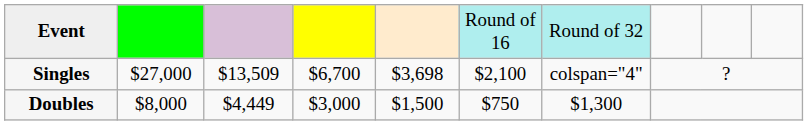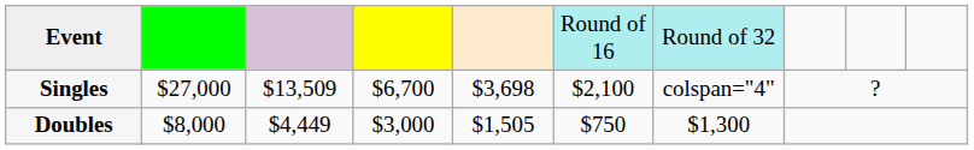 <table class=wikitable style=font-size:90%;text-align:center>
 <tr>
 <td style="width:130px; background:#efefef;"><strong>Event</strong></td>
 <td style="width:80px; background:lime;"></td>
 <td style="width:85px; background:thistle;"></td>
 <td style="width:85px; background:#ff0;"></td>
 <td style="width:85px; background:#ffebcd;"></td>
 <td style="width:85px; background:#afeeee;">Round of 16</td>
 <td style="width:85px; background:#afeeee;">Round of 32</td>
 <td width=85></td>
 <td width=85></td>
 <td width=85></td>
 </tr>
 <tr>
 <th style="background:#f6f6f6;">Singles</th>
 <td>$27,000</td>
 <td>$13,509</td>
 <td>$6,700</td>
 <td>$3,698</td>
 <td>$2,100</td>
 <td>colspan="4" </td>
 <td colspan="3">?</td>
 </tr>
 <tr>
 <th style="background:#f6f6f6;">Doubles</th>
 <td>$8,000</td>
 <td>$4,449</td>
 <td>$3,000</td>
-<td>$1,500</td>
+<td>$1,505</td>
 <td>$750</td>
 <td>$1,300</td>
 </tr>
 </table>
